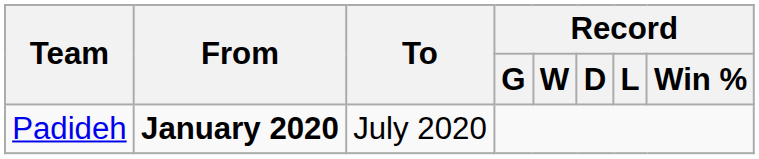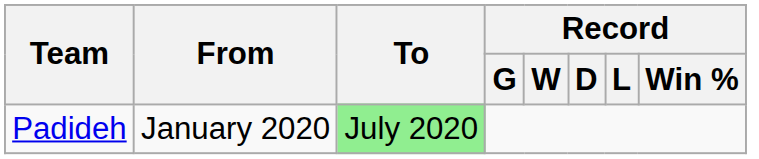 <table class="wikitable" style="text-align: center">
 <tr>
 <th rowspan=2>Team</th>
 <th rowspan=2>From</th>
 <th rowspan=2>To</th>
 <th colspan=8>Record</th>
 </tr>
 <tr>
 <th>G</th>
 <th>W</th>
 <th>D</th>
 <th>L</th>
 <th>Win %</th>
 </tr>
 <tr>
 <td><a href='#'>Padideh</a></td>
-<td align=“left”><strong>January 2020</strong></td>
-<td align=“left”>July 2020<br></td>
+<td align=“left”>January 2020</td>
+<td align=“left” style="background: lightgreen;">July 2020<br></td>
 </tr>
 </table>
